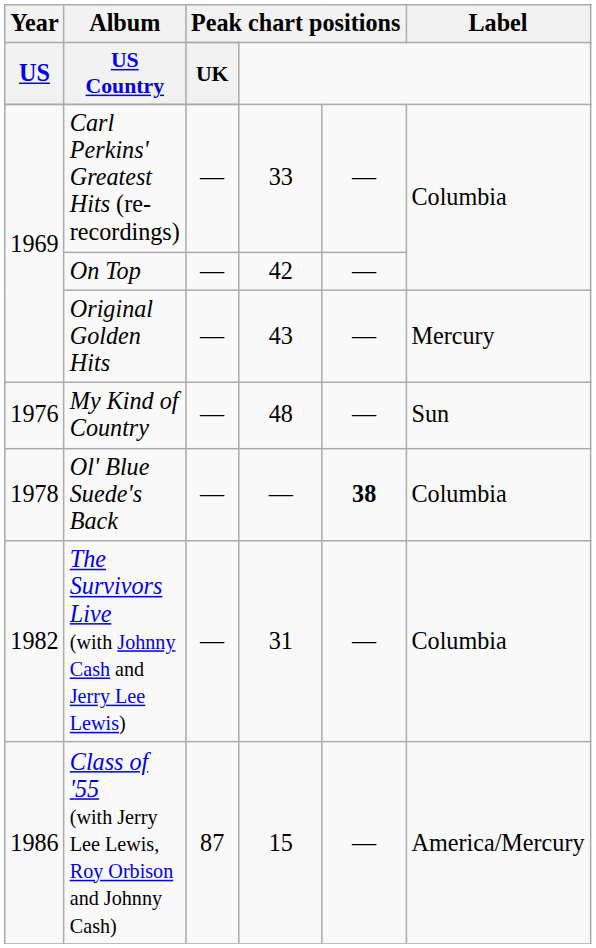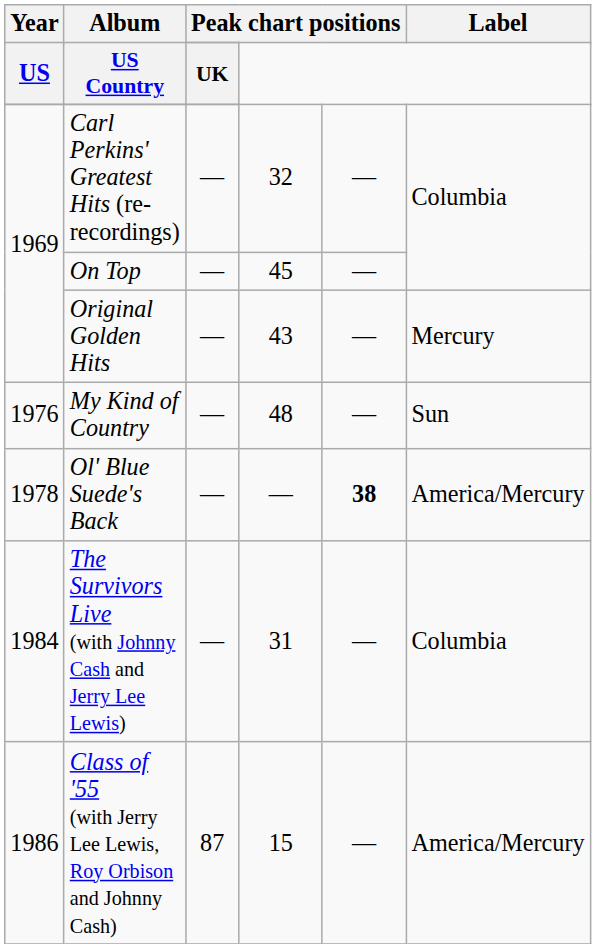 <table class="wikitable" style="text-align:center;">
 <tr>
 <th rowspan="2">Year</th>
 <th rowspan="2">Album</th>
 <th colspan="3">Peak chart positions</th>
 <th rowspan="2">Label</th>
 </tr>
 <tr>
 </tr>
 <tr>
 <th scope="col" style-"width:2em;font-size:90%;"><a href='#'>US</a> <br></th>
 <th scope="col" style="width:2em;font-size:90%;"><a href='#'>US Country</a> <br></th>
 <th scope="col" style="width:2em;font-size:90%;">UK <br></th>
 </tr>
 <tr>
 </tr>
 <tr>
 <td rowspan="3">1969</td>
 <td style="text-align:left;"><em>Carl Perkins' Greatest Hits</em> (re-recordings)</td>
 <td>—</td>
-<td>33</td>
+<td>32</td>
 <td>—</td>
 <td style="text-align:left;" rowspan="2">Columbia</td>
 </tr>
 <tr>
 <td style="text-align:left;"><em>On Top</em></td>
 <td>—</td>
-<td>42</td>
+<td>45</td>
 <td>—</td>
 </tr>
 <tr>
 <td style="text-align:left;"><em>Original Golden Hits</em></td>
 <td>—</td>
 <td>43</td>
 <td>—</td>
 <td style="text-align:left;">Mercury</td>
 </tr>
 <tr>
 <td>1976</td>
 <td style="text-align:left;"><em>My Kind of Country</em></td>
 <td>—</td>
 <td>48</td>
 <td>—</td>
 <td style="text-align:left;">Sun</td>
 </tr>
 <tr>
 <td>1978</td>
 <td style="text-align:left;"><em>Ol' Blue Suede's Back</em></td>
 <td>—</td>
 <td>—</td>
 <td><strong>38</strong></td>
-<td style="text-align:left;">Columbia</td>
+<td style="text-align:left;">America/Mercury</td>
 </tr>
 <tr>
-<td>1982</td>
+<td>1984</td>
 <td style="text-align:left;"><em><a href='#'>The Survivors Live</a></em><br><small>(with <a href='#'>Johnny Cash</a> and <a href='#'>Jerry Lee Lewis</a>)</small></td>
 <td>—</td>
 <td>31</td>
 <td>—</td>
 <td style="text-align:left;">Columbia</td>
 </tr>
 <tr>
 <td>1986</td>
 <td style="text-align:left;"><em><a href='#'>Class of '55</a></em><br><small>(with Jerry Lee Lewis, <a href='#'>Roy Orbison</a> and Johnny Cash)</small></td>
 <td>87</td>
 <td>15</td>
 <td>—</td>
 <td style="text-align:left;">America/Mercury</td>
 </tr>
 </table>
